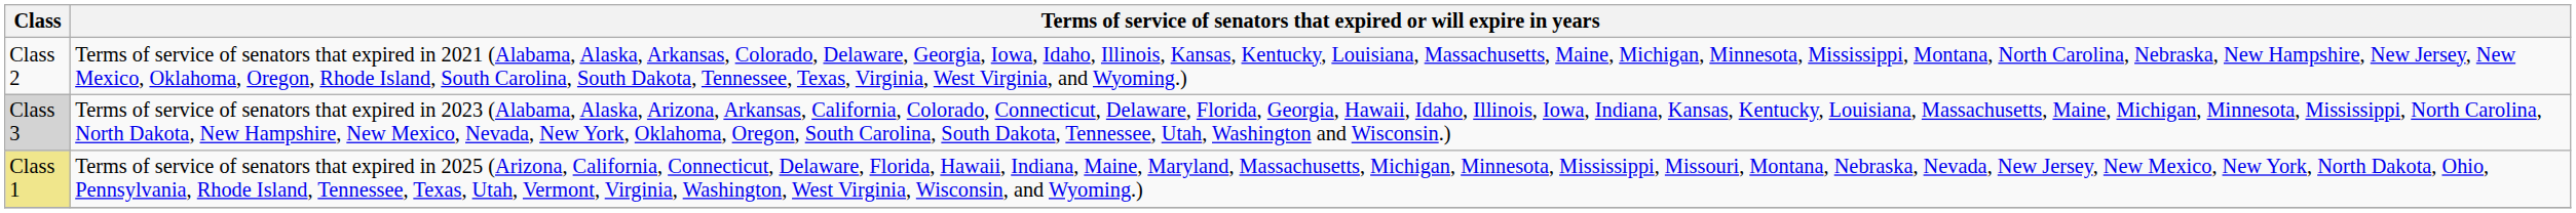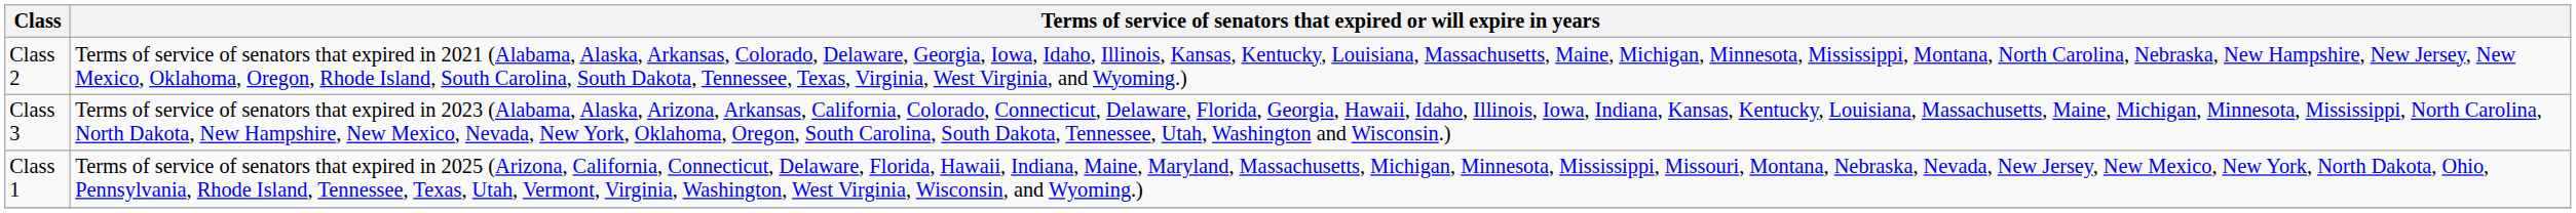 <table class="wikitable sortable">
 <tr valign=bottom>
 <th>Class</th>
 <th>Terms of service of senators that expired or will expire in years</th>
 </tr>
 <tr>
 <td>Class 2</td>
 <td>Terms of service of senators that expired in 2021 (<a href='#'>Alabama</a>, <a href='#'>Alaska</a>, <a href='#'>Arkansas</a>, <a href='#'>Colorado</a>, <a href='#'>Delaware</a>, <a href='#'>Georgia</a>, <a href='#'>Iowa</a>, <a href='#'>Idaho</a>, <a href='#'>Illinois</a>, <a href='#'>Kansas</a>, <a href='#'>Kentucky</a>, <a href='#'>Louisiana</a>, <a href='#'>Massachusetts</a>, <a href='#'>Maine</a>, <a href='#'>Michigan</a>, <a href='#'>Minnesota</a>, <a href='#'>Mississippi</a>, <a href='#'>Montana</a>, <a href='#'>North Carolina</a>, <a href='#'>Nebraska</a>, <a href='#'>New Hampshire</a>, <a href='#'>New Jersey</a>, <a href='#'>New Mexico</a>, <a href='#'>Oklahoma</a>, <a href='#'>Oregon</a>, <a href='#'>Rhode Island</a>, <a href='#'>South Carolina</a>, <a href='#'>South Dakota</a>, <a href='#'>Tennessee</a>, <a href='#'>Texas</a>, <a href='#'>Virginia</a>, <a href='#'>West Virginia</a>, and <a href='#'>Wyoming</a>.)</td>
 </tr>
 <tr>
-<td style="background: lightgrey;">Class 3</td>
+<td>Class 3</td>
 <td>Terms of service of senators that expired in 2023 (<a href='#'>Alabama</a>, <a href='#'>Alaska</a>, <a href='#'>Arizona</a>, <a href='#'>Arkansas</a>, <a href='#'>California</a>, <a href='#'>Colorado</a>, <a href='#'>Connecticut</a>, <a href='#'>Delaware</a>, <a href='#'>Florida</a>, <a href='#'>Georgia</a>, <a href='#'>Hawaii</a>, <a href='#'>Idaho</a>, <a href='#'>Illinois</a>, <a href='#'>Iowa</a>, <a href='#'>Indiana</a>, <a href='#'>Kansas</a>, <a href='#'>Kentucky</a>, <a href='#'>Louisiana</a>, <a href='#'>Massachusetts</a>, <a href='#'>Maine</a>, <a href='#'>Michigan</a>, <a href='#'>Minnesota</a>, <a href='#'>Mississippi</a>, <a href='#'>North Carolina</a>, <a href='#'>North Dakota</a>, <a href='#'>New Hampshire</a>, <a href='#'>New Mexico</a>, <a href='#'>Nevada</a>, <a href='#'>New York</a>, <a href='#'>Oklahoma</a>, <a href='#'>Oregon</a>, <a href='#'>South Carolina</a>, <a href='#'>South Dakota</a>, <a href='#'>Tennessee</a>, <a href='#'>Utah</a>, <a href='#'>Washington</a> and <a href='#'>Wisconsin</a>.)</td>
 </tr>
 <tr>
-<td style="background: khaki;">Class 1</td>
+<td>Class 1</td>
 <td>Terms of service of senators that expired in 2025 (<a href='#'>Arizona</a>, <a href='#'>California</a>, <a href='#'>Connecticut</a>, <a href='#'>Delaware</a>, <a href='#'>Florida</a>, <a href='#'>Hawaii</a>, <a href='#'>Indiana</a>, <a href='#'>Maine</a>, <a href='#'>Maryland</a>, <a href='#'>Massachusetts</a>, <a href='#'>Michigan</a>, <a href='#'>Minnesota</a>, <a href='#'>Mississippi</a>, <a href='#'>Missouri</a>, <a href='#'>Montana</a>, <a href='#'>Nebraska</a>, <a href='#'>Nevada</a>, <a href='#'>New Jersey</a>, <a href='#'>New Mexico</a>, <a href='#'>New York</a>, <a href='#'>North Dakota</a>, <a href='#'>Ohio</a>, <a href='#'>Pennsylvania</a>, <a href='#'>Rhode Island</a>, <a href='#'>Tennessee</a>, <a href='#'>Texas</a>, <a href='#'>Utah</a>, <a href='#'>Vermont</a>, <a href='#'>Virginia</a>, <a href='#'>Washington</a>, <a href='#'>West Virginia</a>, <a href='#'>Wisconsin</a>, and <a href='#'>Wyoming</a>.)</td>
 </tr>
 <tr>
 </tr>
 </table>
